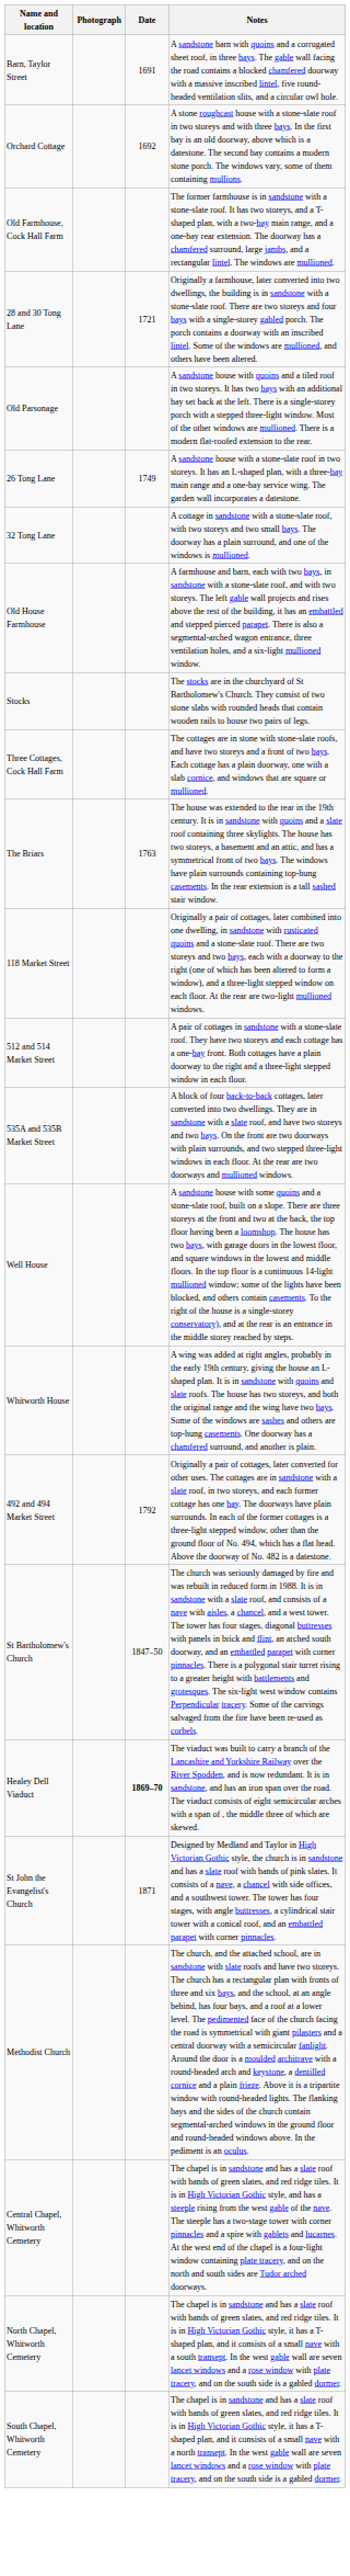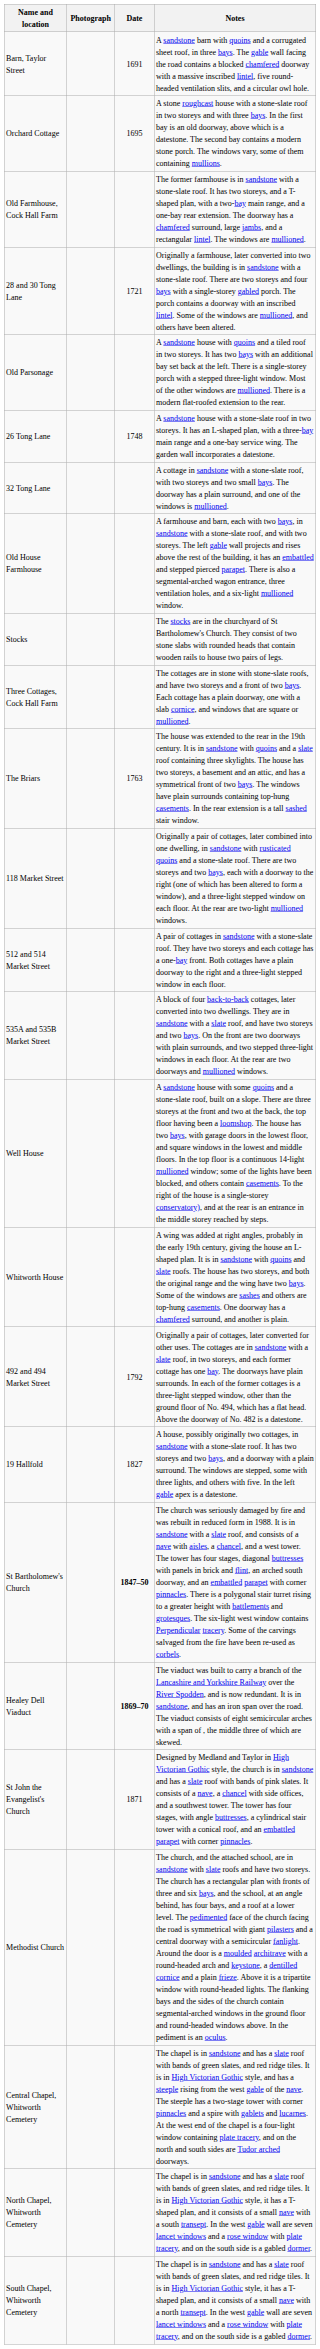 <table class="wikitable sortable plainrowheaders" style="width:100%;border:0px;text-align:left;line-height:150%;">
 <tr>
 <th scope="col"  style="width:150px">Name and location</th>
 <th scope="col"  style="width:100px" class="unsortable">Photograph</th>
 <th scope="col"  style="width:120px">Date</th>
 <th scope="col"  style="width:650px" class="unsortable">Notes</th>
 </tr>
 <tr>
 <td>Barn, Taylor Street<br><small></small></td>
 <td></td>
 <td align="center">1691</td>
 <td>A <a href='#'>sandstone</a> barn with <a href='#'>quoins</a> and a corrugated sheet roof, in three <a href='#'>bays</a>.  The <a href='#'>gable</a> wall facing the road contains a blocked <a href='#'>chamfered</a> doorway with a massive inscribed <a href='#'>lintel</a>, five round-headed ventilation slits, and a circular owl hole.</td>
 </tr>
 <tr>
 <td>Orchard Cottage<br><small></small></td>
 <td></td>
-<td align="center">1692</td>
+<td align="center">1695</td>
 <td>A stone <a href='#'>roughcast</a> house with a stone-slate roof in two storeys and with three <a href='#'>bays</a>.  In the first bay is an old doorway, above which is a datestone.  The second bay contains a modern stone porch.  The windows vary, some of them containing <a href='#'>mullions</a>.</td>
 </tr>
 <tr>
 <td>Old Farmhouse, Cock Hall Farm<br><small></small></td>
 <td></td>
 <td align="center"></td>
 <td>The former farmhouse is in <a href='#'>sandstone</a> with a stone-slate roof.  It has two storeys, and a T-shaped plan, with a two-<a href='#'>bay</a> main range, and a one-bay rear extension.  The doorway has a <a href='#'>chamfered</a> surround, large <a href='#'>jambs</a>, and a rectangular <a href='#'>lintel</a>.  The windows are <a href='#'>mullioned</a>.</td>
 </tr>
 <tr>
 <td>28 and 30 Tong Lane<br><small></small></td>
 <td></td>
 <td align="center">1721</td>
 <td>Originally a farmhouse, later converted into two dwellings, the building is in <a href='#'>sandstone</a> with a stone-slate roof.  There are two storeys and four <a href='#'>bays</a> with a single-storey <a href='#'>gabled</a> porch.  The porch contains a doorway with an inscribed <a href='#'>lintel</a>.  Some of the windows are <a href='#'>mullioned</a>, and others have been altered.</td>
 </tr>
 <tr>
 <td>Old Parsonage<br><small></small></td>
 <td></td>
 <td align="center"></td>
 <td>A <a href='#'>sandstone</a> house with <a href='#'>quoins</a> and a tiled roof in two storeys.  It has two <a href='#'>bays</a> with an additional bay set back at the left.  There is a single-storey porch with a stepped three-light window.  Most of the other windows are <a href='#'>mullioned</a>.  There is a modern flat-roofed extension to the rear.</td>
 </tr>
 <tr>
 <td>26 Tong Lane<br><small></small></td>
 <td></td>
-<td align="center">1749</td>
+<td align="center">1748</td>
 <td>A <a href='#'>sandstone</a> house with a stone-slate roof in two storeys.  It has an L-shaped plan, with a three-<a href='#'>bay</a> main range and a one-bay service wing.  The garden wall incorporates a datestone.</td>
 </tr>
 <tr>
 <td>32 Tong Lane<br><small></small></td>
 <td></td>
 <td align="center"></td>
 <td>A cottage in <a href='#'>sandstone</a> with a stone-slate roof, with two storeys and two small <a href='#'>bays</a>.  The doorway has a plain surround, and one of the windows is <a href='#'>mullioned</a>.</td>
 </tr>
 <tr>
 <td>Old House Farmhouse<br><small></small></td>
 <td></td>
 <td align="center"></td>
 <td>A farmhouse and barn, each with two <a href='#'>bays</a>, in <a href='#'>sandstone</a> with a stone-slate roof, and with two storeys.  The left <a href='#'>gable</a> wall projects and rises above the rest of the building, it has an <a href='#'>embattled</a> and stepped pierced <a href='#'>parapet</a>.  There is also a segmental-arched wagon entrance, three ventilation holes, and a six-light <a href='#'>mullioned</a> window.</td>
 </tr>
 <tr>
 <td>Stocks<br><small></small></td>
 <td></td>
 <td align="center"></td>
 <td>The <a href='#'>stocks</a> are in the churchyard of St Bartholomew's Church.  They consist of two stone slabs with rounded heads that contain wooden rails to house two pairs of legs.</td>
 </tr>
 <tr>
 <td>Three Cottages, Cock Hall Farm<br><small></small></td>
 <td></td>
 <td align="center"></td>
 <td>The cottages are in stone with stone-slate roofs, and have two storeys and a front of two <a href='#'>bays</a>.  Each cottage has a plain doorway, one with a slab <a href='#'>cornice</a>, and windows that are square or <a href='#'>mullioned</a>.</td>
 </tr>
 <tr>
 <td>The Briars<br><small></small></td>
 <td></td>
 <td align="center">1763</td>
 <td>The house was extended to the rear in the 19th century.  It is in <a href='#'>sandstone</a> with <a href='#'>quoins</a> and a <a href='#'>slate</a> roof containing three skylights.  The house has two storeys, a basement and an attic, and has a symmetrical front of two <a href='#'>bays</a>.  The windows have plain surrounds containing top-hung <a href='#'>casements</a>.  In the rear extension is a tall <a href='#'>sashed</a> stair window.</td>
 </tr>
 <tr>
 <td>118 Market Street<br><small></small></td>
 <td></td>
 <td align="center"></td>
 <td>Originally a pair of cottages, later combined into one dwelling, in <a href='#'>sandstone</a> with <a href='#'>rusticated</a> <a href='#'>quoins</a> and a stone-slate roof.  There are two storeys and two <a href='#'>bays</a>, each with a doorway to the right (one of which has been altered to form a window), and a three-light stepped window on each floor.  At the rear are two-light <a href='#'>mullioned</a> windows.</td>
 </tr>
 <tr>
 <td>512 and 514 Market Street<br><small></small></td>
 <td></td>
 <td align="center"></td>
 <td>A pair of cottages in <a href='#'>sandstone</a> with a stone-slate roof.  They have two storeys and each cottage has a one-<a href='#'>bay</a> front.  Both cottages have a plain doorway to the right and a three-light stepped window in each floor.</td>
 </tr>
 <tr>
 <td>535A and 535B Market Street<br><small></small></td>
 <td></td>
 <td align="center"></td>
 <td>A block of four <a href='#'>back-to-back</a> cottages, later converted into two dwellings.  They are in <a href='#'>sandstone</a> with a <a href='#'>slate</a> roof, and have two storeys and two <a href='#'>bays</a>.  On the front are two doorways with plain surrounds, and two stepped three-light windows in each floor.  At the rear are two doorways and <a href='#'>mullioned</a> windows.</td>
 </tr>
 <tr>
 <td>Well House<br><small></small></td>
 <td></td>
 <td align="center"></td>
 <td>A <a href='#'>sandstone</a> house with some <a href='#'>quoins</a> and a stone-slate roof, built on a slope.  There are three storeys at the front and two at the back, the top floor having been a <a href='#'>loomshop</a>.  The house has two <a href='#'>bays</a>, with garage doors in the lowest floor, and square windows in the lowest and middle floors.  In the top floor is a continuous 14-light <a href='#'>mullioned</a> window; some of the lights have been blocked, and others contain <a href='#'>casements</a>.  To the right of the house is a single-storey <a href='#'>conservatory)</a>, and at the rear is an entrance in the middle storey reached by steps.</td>
 </tr>
 <tr>
 <td>Whitworth House<br><small></small></td>
 <td></td>
 <td align="center"></td>
 <td>A wing was added at right angles, probably in the early 19th century, giving the house an L-shaped plan.  It is in <a href='#'>sandstone</a> with <a href='#'>quoins</a> and <a href='#'>slate</a> roofs.  The house has two storeys, and both the original range and the wing have two <a href='#'>bays</a>.  Some of the windows are <a href='#'>sashes</a> and others are top-hung <a href='#'>casements</a>.  One doorway has a <a href='#'>chamfered</a> surround, and another is plain.</td>
 </tr>
 <tr>
 <td>492 and 494 Market Street<br><small></small></td>
 <td></td>
 <td align="center">1792</td>
 <td>Originally a pair of cottages, later converted for other uses.  The cottages are in <a href='#'>sandstone</a> with a <a href='#'>slate</a> roof, in two storeys, and each former cottage has one <a href='#'>bay</a>.  The doorways have plain surrounds.  In each of the former cottages is a three-light stepped window, other than the ground floor of No. 494, which has a flat head.  Above the doorway of No. 482 is a datestone.</td>
 </tr>
 <tr>
+<td>19 Hallfold<br><small></small></td>
+<td></td>
+<td align="center">1827</td>
+<td>A house, possibly originally two cottages, in <a href='#'>sandstone</a> with a stone-slate roof.  It has two storeys and two <a href='#'>bays</a>, and a doorway with a plain surround.  The windows are stepped, some with three lights, and others with five.  In the left <a href='#'>gable</a> apex is a datestone.</td>
+</tr>
+<tr>
 <td>St Bartholomew's Church<br><small></small></td>
 <td></td>
-<td align="center">1847–50</td>
+<td align="center"><strong>1847–50</strong></td>
 <td>The church was seriously damaged by fire and was rebuilt in reduced form in 1988.  It is in <a href='#'>sandstone</a> with a <a href='#'>slate</a> roof, and consists of a <a href='#'>nave</a> with <a href='#'>aisles</a>, a <a href='#'>chancel</a>, and a west tower.  The tower has four stages, diagonal <a href='#'>buttresses</a> with panels in brick and <a href='#'>flint</a>, an arched south doorway, and an <a href='#'>embattled</a> <a href='#'>parapet</a> with corner <a href='#'>pinnacles</a>.  There is a polygonal stair turret rising to a greater height with <a href='#'>battlements</a> and <a href='#'>grotesques</a>.  The six-light west window contains <a href='#'>Perpendicular</a> <a href='#'>tracery</a>.  Some of the carvings salvaged from the fire have been re-used as <a href='#'>corbels</a>.</td>
 </tr>
 <tr>
 <td>Healey Dell Viaduct<br><small></small></td>
 <td></td>
 <td align="center"><strong>1869–70</strong></td>
 <td>The viaduct was built to carry a branch of the <a href='#'>Lancashire and Yorkshire Railway</a> over the <a href='#'>River Spodden</a>, and is now redundant.  It is in <a href='#'>sandstone</a>, and has an iron span over the road.  The viaduct consists of eight semicircular arches with a span of , the middle three of which are skewed.</td>
 </tr>
 <tr>
 <td>St John the Evangelist's Church<br><small></small></td>
 <td></td>
 <td align="center">1871</td>
 <td>Designed by Medland and Taylor in <a href='#'>High Victorian Gothic</a> style, the church is in <a href='#'>sandstone</a> and has a <a href='#'>slate</a> roof with bands of pink slates.  It consists of a <a href='#'>nave</a>, a <a href='#'>chancel</a> with side offices, and a southwest tower.  The tower has four stages, with angle <a href='#'>buttresses</a>, a cylindrical stair tower with a conical roof, and an <a href='#'>embattled</a> <a href='#'>parapet</a> with corner <a href='#'>pinnacles</a>.</td>
 </tr>
 <tr>
 <td>Methodist Church<br><small></small></td>
 <td></td>
 <td align="center"></td>
 <td>The church, and the attached school, are in <a href='#'>sandstone</a> with <a href='#'>slate</a> roofs and have two storeys.  The church has a rectangular plan with fronts of three and six <a href='#'>bays</a>, and the school, at an angle behind, has four bays, and a roof at a lower level.  The <a href='#'>pedimented</a> face of the church facing the road is symmetrical with giant <a href='#'>pilasters</a> and a central doorway with a semicircular <a href='#'>fanlight</a>.  Around the door is a <a href='#'>moulded</a> <a href='#'>architrave</a> with a round-headed arch and <a href='#'>keystone</a>, a <a href='#'>dentilled</a> <a href='#'>cornice</a> and a plain <a href='#'>frieze</a>.  Above it is a tripartite window with round-headed lights.  The flanking bays and the sides of the church contain segmental-arched windows in the ground floor and round-headed windows above.  In the pediment is an <a href='#'>oculus</a>.</td>
 </tr>
 <tr>
 <td>Central Chapel, Whitworth Cemetery<br><small></small></td>
 <td></td>
 <td align="center"></td>
 <td>The chapel is in <a href='#'>sandstone</a> and has a <a href='#'>slate</a> roof with bands of green slates, and red ridge tiles.  It is in <a href='#'>High Victorian Gothic</a> style, and has a <a href='#'>steeple</a> rising from the west <a href='#'>gable</a> of the <a href='#'>nave</a>.  The steeple has a two-stage tower with corner <a href='#'>pinnacles</a> and a spire with <a href='#'>gablets</a> and <a href='#'>lucarnes</a>.  At the west end of the chapel is a four-light window containing <a href='#'>plate tracery</a>, and on the north and south sides are <a href='#'>Tudor arched</a> doorways.</td>
 </tr>
 <tr>
 <td>North Chapel, Whitworth Cemetery<br><small></small></td>
 <td></td>
 <td align="center"></td>
 <td>The chapel is in <a href='#'>sandstone</a> and has a <a href='#'>slate</a> roof with bands of green slates, and red ridge tiles.  It is in <a href='#'>High Victorian Gothic</a> style, it has a T-shaped plan, and it consists of a small <a href='#'>nave</a> with a south <a href='#'>transept</a>.  In the west <a href='#'>gable</a> wall are seven <a href='#'>lancet windows</a> and a <a href='#'>rose window</a> with <a href='#'>plate tracery</a>, and on the south side is a gabled <a href='#'>dormer</a>.</td>
 </tr>
 <tr>
 <td>South Chapel, Whitworth Cemetery<br><small></small></td>
 <td></td>
 <td align="center"></td>
 <td>The chapel is in <a href='#'>sandstone</a> and has a <a href='#'>slate</a> roof with bands of green slates, and red ridge tiles.  It is in <a href='#'>High Victorian Gothic</a> style, it has a T-shaped plan, and it consists of a small <a href='#'>nave</a> with a north <a href='#'>transept</a>.  In the west <a href='#'>gable</a> wall are seven <a href='#'>lancet windows</a> and a <a href='#'>rose window</a> with <a href='#'>plate tracery</a>, and on the south side is a gabled <a href='#'>dormer</a>.</td>
 </tr>
 <tr>
 </tr>
 </table>
